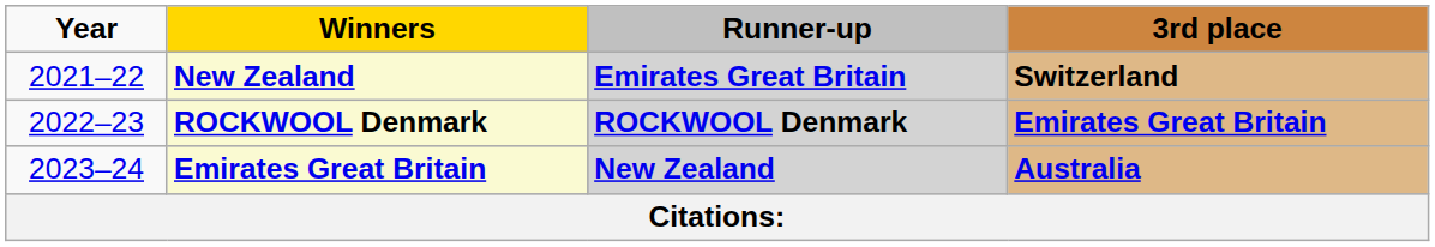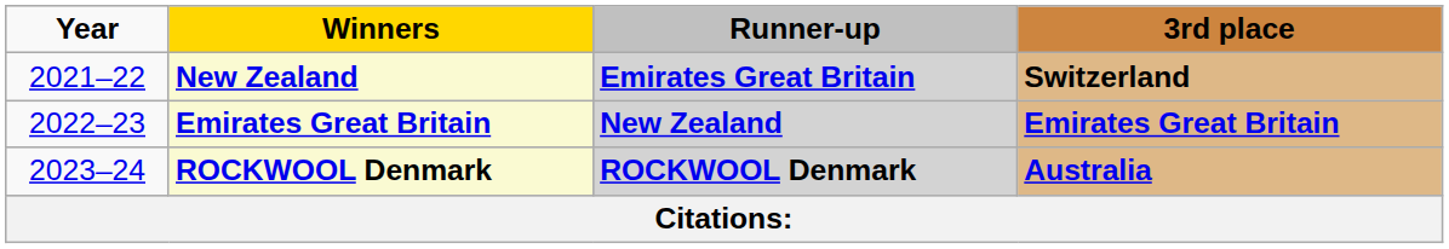 <table class="wikitable">
 <tr align=center>
 <td width=80px  ><strong>Year</strong></td>
 <td width=220px bgcolor=#FFD700><strong>Winners</strong></td>
 <td width=220px bgcolor=#C0C0C0><strong>Runner-up</strong></td>
 <td width=220px bgcolor=#CD853F><strong>3rd place</strong></td>
 </tr>
 <tr>
 <td align=center><a href='#'>2021–22</a></td>
 <td bgcolor=#FAFAD2> <a href='#'><strong>New Zealand</strong></a></td>
 <td bgcolor=#D3D3D3> <strong> <a href='#'>Emirates Great Britain</a></strong></td>
 <td bgcolor=#DEB887> <strong>Switzerland</strong></td>
 </tr>
 <tr>
 <td align=center><a href='#'>2022–23</a></td>
-<td bgcolor=#FAFAD2> <strong><a href='#'>ROCKWOOL</a> Denmark</strong></td>
-<td bgcolor=#D3D3D3> <strong><a href='#'>ROCKWOOL</a> Denmark</strong></td>
+<td bgcolor=#FAFAD2> <strong><a href='#'>Emirates Great Britain</a></strong></td>
+<td bgcolor=#D3D3D3> <a href='#'><strong>New Zealand</strong></a></td>
 <td bgcolor=#DEB887> <strong><a href='#'>Emirates Great Britain</a></strong></td>
 </tr>
 <tr>
 <td align=center><a href='#'>2023–24</a></td>
-<td bgcolor=#FAFAD2> <strong><a href='#'>Emirates Great Britain</a></strong></td>
-<td bgcolor=#D3D3D3> <a href='#'><strong>New Zealand</strong></a></td>
+<td bgcolor=#FAFAD2> <strong><a href='#'>ROCKWOOL</a> Denmark</strong></td>
+<td bgcolor=#D3D3D3> <strong><a href='#'>ROCKWOOL</a> Denmark</strong></td>
 <td bgcolor=#DEB887> <strong><a href='#'>Australia</a></strong></td>
 </tr>
 <tr>
 <th colspan="4">Citations: </th>
 </tr>
 </table>
